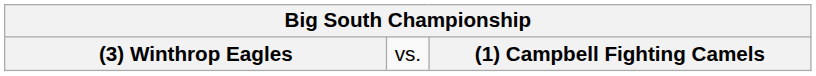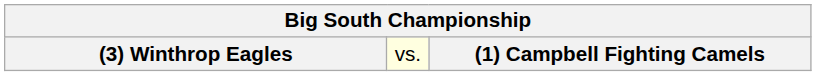 <table class="wikitable">
 <tr>
 <th style="width: 604px;" colspan=3>Big South Championship</th>
 </tr>
 <tr>
 <th style="width: 289px; ">(3) Winthrop Eagles</th>
-<td style="width: 25px; text-align:center">vs.</td>
+<td style="background: lightyellow; width: 25px; text-align:center">vs.</td>
 <th style="width: 289px; ">(1) Campbell Fighting Camels</th>
 </tr>
 </table>
